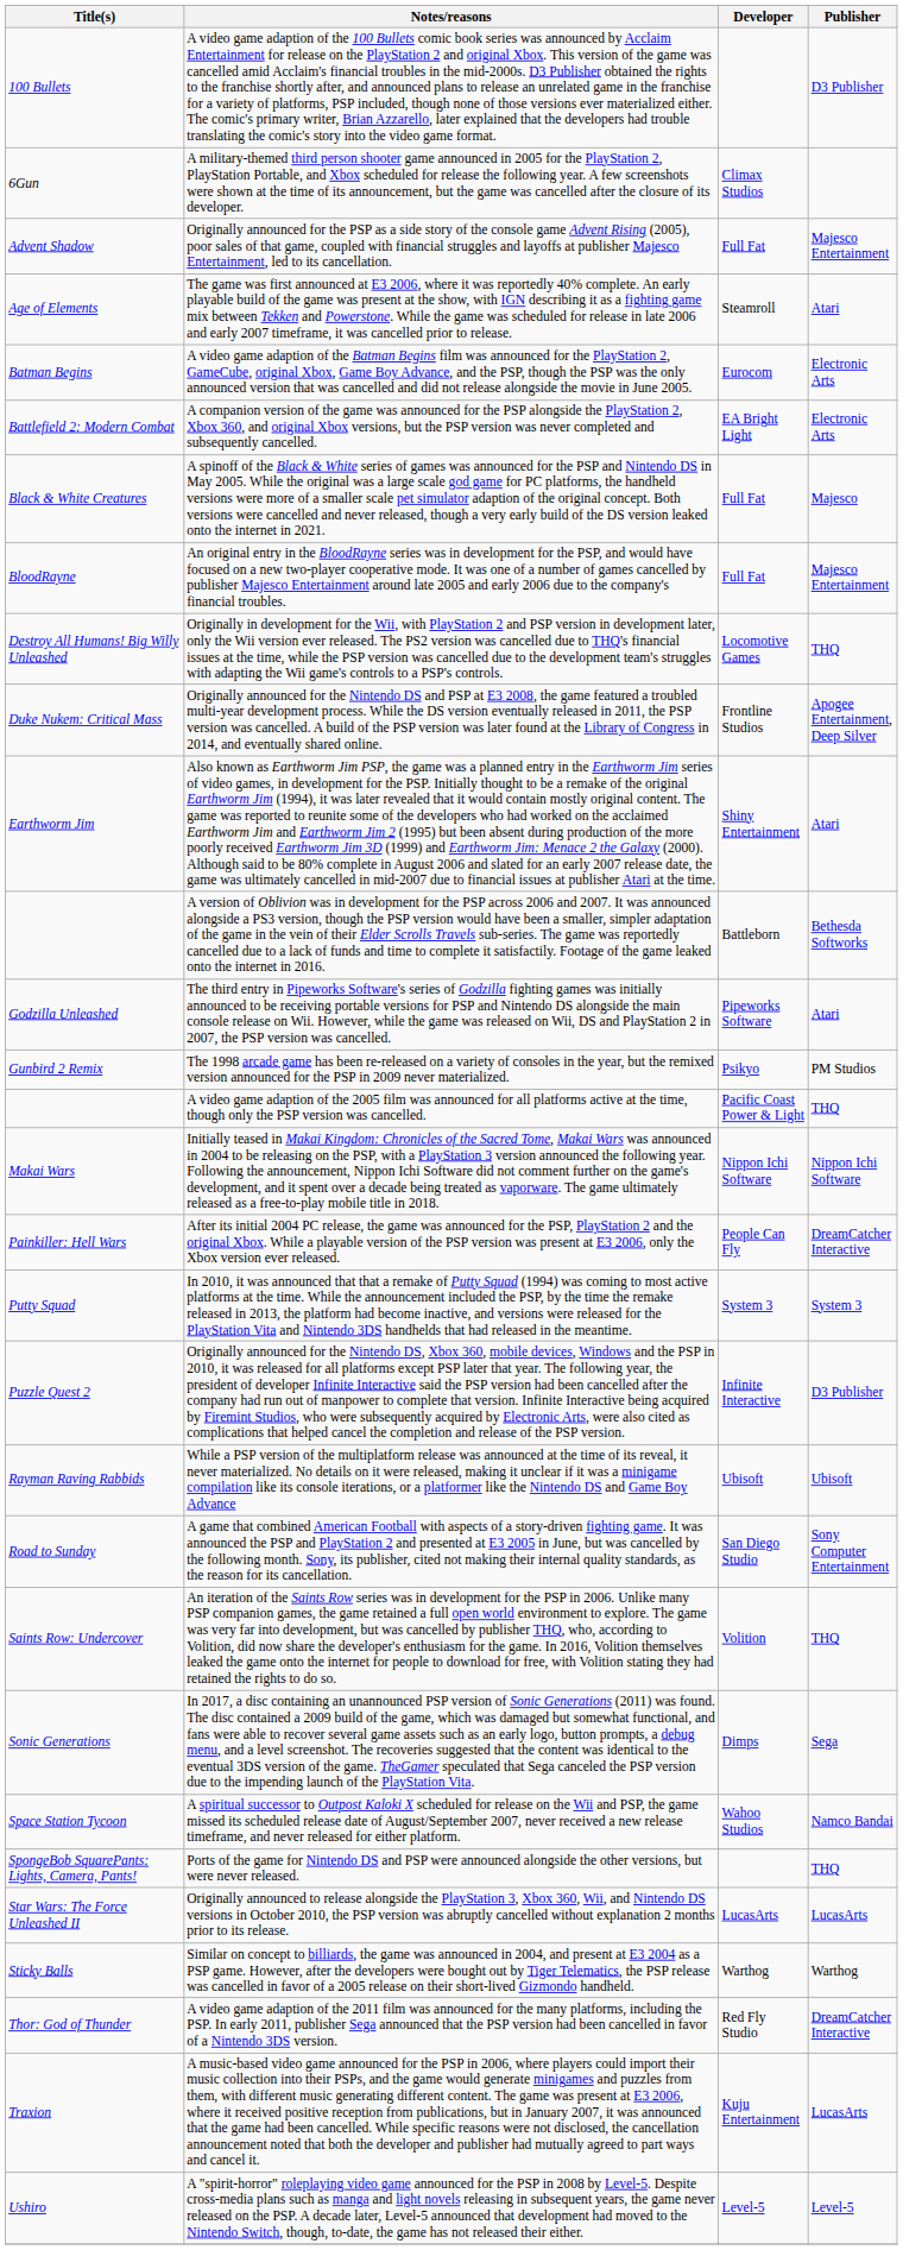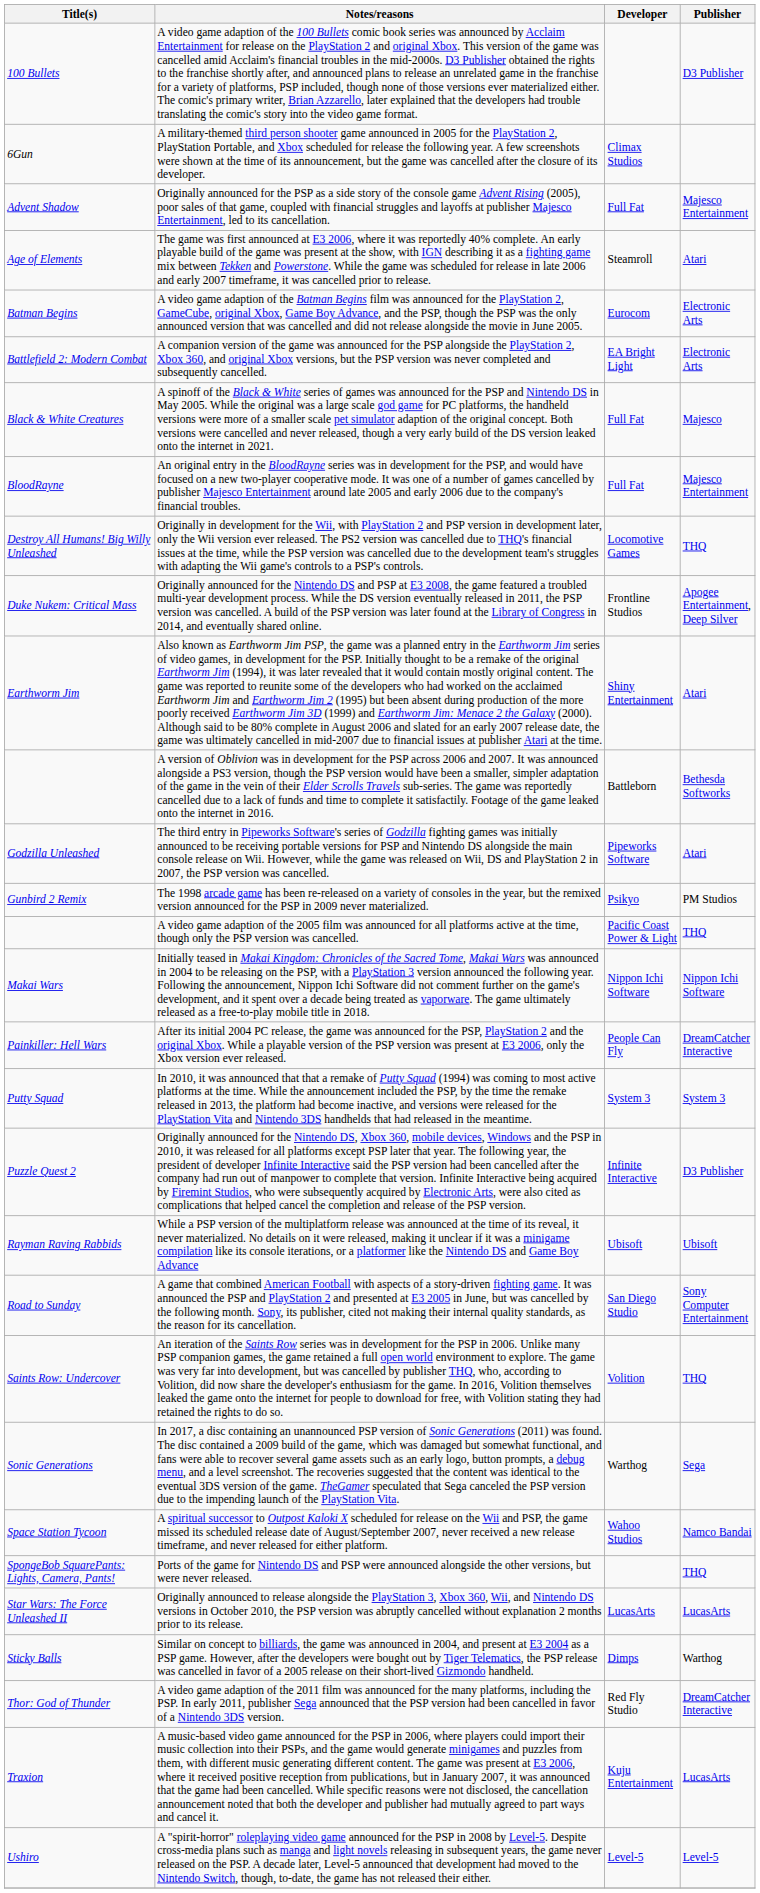 <table class="wikitable sortable sticky-header-multi" id="softwarelist" style="width:100%; font-size:85%;">
 <tr>
 <th width=20%>Title(s)</th>
 <th width=60% class="unsortable">Notes/reasons</th>
 <th width=10%>Developer</th>
 <th width=10%>Publisher</th>
 </tr>
 <tr>
 <td id="0–9"><em><a href='#'>100 Bullets</a></em></td>
 <td>A video game adaption of the <em><a href='#'>100 Bullets</a></em> comic book series was announced by <a href='#'>Acclaim Entertainment</a> for release on the <a href='#'>PlayStation 2</a> and <a href='#'>original Xbox</a>. This version of the game was cancelled amid Acclaim's financial troubles in the mid-2000s. <a href='#'>D3 Publisher</a> obtained the rights to the franchise shortly after, and announced plans to release an unrelated game in the franchise for a variety of platforms, PSP included, though none of those versions ever materialized either. The comic's primary writer, <a href='#'>Brian Azzarello</a>, later explained that the developers had trouble translating the comic's story into the video game format.</td>
 <td></td>
 <td><a href='#'>D3 Publisher</a></td>
 </tr>
 <tr>
 <td><em>6Gun</em></td>
 <td>A military-themed <a href='#'>third person shooter</a> game announced in 2005 for the <a href='#'>PlayStation 2</a>, PlayStation Portable, and <a href='#'>Xbox</a> scheduled for release the following year. A few screenshots were shown at the time of its announcement, but the game was cancelled after the closure of its developer.</td>
 <td><a href='#'>Climax Studios</a></td>
 <td></td>
 </tr>
 <tr>
 <td id="A"><em><a href='#'>Advent Shadow</a></em></td>
 <td>Originally announced for the PSP as a side story of the console game <em><a href='#'>Advent Rising</a></em> (2005), poor sales of that game, coupled with financial struggles and layoffs at publisher <a href='#'>Majesco Entertainment</a>, led to its cancellation.</td>
 <td><a href='#'>Full Fat</a></td>
 <td><a href='#'>Majesco Entertainment</a></td>
 </tr>
 <tr>
 <td><em><a href='#'>Age of Elements</a></em></td>
 <td>The game was first announced at <a href='#'>E3 2006</a>, where it was reportedly 40% complete. An early playable build of the game was present at the show, with <a href='#'>IGN</a> describing it as a <a href='#'>fighting game</a> mix between <em><a href='#'>Tekken</a></em> and <em><a href='#'>Powerstone</a></em>. While the game was scheduled for release in late 2006 and early 2007 timeframe, it was cancelled prior to release.</td>
 <td>Steamroll</td>
 <td><a href='#'>Atari</a></td>
 </tr>
 <tr>
 <td id="B"><em><a href='#'>Batman Begins</a></em></td>
 <td>A video game adaption of the <em><a href='#'>Batman Begins</a></em> film was announced for the <a href='#'>PlayStation 2</a>, <a href='#'>GameCube</a>, <a href='#'>original Xbox</a>, <a href='#'>Game Boy Advance</a>, and the PSP, though the PSP was the only announced version that was cancelled and did not release alongside the movie in June 2005.</td>
 <td><a href='#'>Eurocom</a></td>
 <td><a href='#'>Electronic Arts</a></td>
 </tr>
 <tr>
 <td><em><a href='#'>Battlefield 2: Modern Combat</a></em></td>
 <td>A companion version of the game was announced for the PSP alongside the <a href='#'>PlayStation 2</a>, <a href='#'>Xbox 360</a>, and <a href='#'>original Xbox</a> versions, but the PSP version was never completed and subsequently cancelled.</td>
 <td><a href='#'>EA Bright Light</a></td>
 <td><a href='#'>Electronic Arts</a></td>
 </tr>
 <tr>
 <td><em><a href='#'>Black & White Creatures</a></em></td>
 <td>A spinoff of the <em><a href='#'>Black & White</a></em> series of games was announced for the PSP and <a href='#'>Nintendo DS</a> in May 2005. While the original was a large scale <a href='#'>god game</a> for PC platforms, the handheld versions were more of a smaller scale <a href='#'>pet simulator</a> adaption of the original concept. Both versions were cancelled and never released, though a very early build of the DS version leaked onto the internet in 2021.</td>
 <td><a href='#'>Full Fat</a></td>
 <td><a href='#'>Majesco</a></td>
 </tr>
 <tr>
 <td><em><a href='#'>BloodRayne</a></em></td>
 <td>An original entry in the <em><a href='#'>BloodRayne</a></em> series was in development for the PSP, and would have focused on a new two-player cooperative mode. It was one of a number of games cancelled by publisher <a href='#'>Majesco Entertainment</a> around late 2005 and early 2006 due to the company's financial troubles.</td>
 <td><a href='#'>Full Fat</a></td>
 <td><a href='#'>Majesco Entertainment</a></td>
 </tr>
 <tr>
 <td id="D"><em><a href='#'>Destroy All Humans! Big Willy Unleashed</a></em></td>
 <td>Originally in development for the <a href='#'>Wii</a>, with <a href='#'>PlayStation 2</a> and PSP version in development later, only the Wii version ever released. The PS2 version was cancelled due to <a href='#'>THQ</a>'s financial issues at the time, while the PSP version was cancelled due to the development team's struggles with adapting the Wii game's controls to a PSP's controls.</td>
 <td><a href='#'>Locomotive Games</a></td>
 <td><a href='#'>THQ</a></td>
 </tr>
 <tr>
 <td><em><a href='#'>Duke Nukem: Critical Mass</a></em></td>
 <td>Originally announced for the <a href='#'>Nintendo DS</a> and PSP at <a href='#'>E3 2008</a>, the game featured a troubled multi-year development process. While the DS version eventually released in 2011, the PSP version was cancelled. A build of the PSP version was later found at the <a href='#'>Library of Congress</a> in 2014, and eventually shared online.</td>
 <td>Frontline Studios</td>
 <td><a href='#'>Apogee Entertainment</a>, <a href='#'>Deep Silver</a></td>
 </tr>
 <tr>
 <td id="E"><em><a href='#'>Earthworm Jim</a></em></td>
 <td>Also known as <em>Earthworm Jim PSP</em>, the game was a  planned entry in the <em><a href='#'>Earthworm Jim</a></em> series of video games, in development for the PSP. Initially thought to be a remake of the original <em><a href='#'>Earthworm Jim</a></em> (1994), it was later revealed that it would contain mostly original content. The game was reported to reunite some of the developers who had worked on the acclaimed <em>Earthworm Jim</em> and <em><a href='#'>Earthworm Jim 2</a></em> (1995) but been absent during production of the more poorly received <em><a href='#'>Earthworm Jim 3D</a></em> (1999) and <em><a href='#'>Earthworm Jim: Menace 2 the Galaxy</a></em> (2000). Although said to be 80% complete in August 2006 and slated for an early 2007 release date, the game was ultimately cancelled in mid-2007 due to financial issues at publisher <a href='#'>Atari</a> at the time.</td>
 <td><a href='#'>Shiny Entertainment</a></td>
 <td><a href='#'>Atari</a></td>
 </tr>
 <tr>
 <td></td>
 <td>A version of <em>Oblivion</em> was in development for the PSP across 2006 and 2007. It was announced alongside a PS3 version, though the PSP version would have been a smaller, simpler adaptation of the game in the vein of their <em><a href='#'>Elder Scrolls Travels</a></em> sub-series. The game was reportedly cancelled due to a lack of funds and time to complete it satisfactily. Footage of the game leaked onto the internet in 2016.</td>
 <td>Battleborn</td>
 <td><a href='#'>Bethesda Softworks</a></td>
 </tr>
 <tr>
 <td id="G"><em><a href='#'>Godzilla Unleashed</a></em></td>
 <td>The third entry in <a href='#'>Pipeworks Software</a>'s series of <em><a href='#'>Godzilla</a></em> fighting games was initially announced to be receiving portable versions for PSP and Nintendo DS alongside the main console release on Wii. However, while the game was released on Wii, DS and PlayStation 2 in 2007, the PSP version was cancelled.</td>
 <td><a href='#'>Pipeworks Software</a></td>
 <td><a href='#'>Atari</a></td>
 </tr>
 <tr>
 <td><em><a href='#'>Gunbird 2 Remix</a></em></td>
 <td>The 1998 <a href='#'>arcade game</a> has been re-released on a variety of consoles in the year, but the remixed version announced for the PSP in 2009 never materialized.</td>
 <td><a href='#'>Psikyo</a></td>
 <td>PM Studios</td>
 </tr>
 <tr>
 <td id="I"></td>
 <td>A video game adaption of the 2005 film was announced for all platforms active at the time, though only the PSP version was cancelled.</td>
 <td><a href='#'>Pacific Coast Power & Light</a></td>
 <td><a href='#'>THQ</a></td>
 </tr>
 <tr>
 <td id="M"><em><a href='#'>Makai Wars</a></em></td>
 <td>Initially teased in <em><a href='#'>Makai Kingdom: Chronicles of the Sacred Tome</a></em>, <em><a href='#'>Makai Wars</a></em> was announced in 2004 to be releasing on the PSP, with a <a href='#'>PlayStation 3</a> version announced the following year. Following the announcement, Nippon Ichi Software did not comment further on the game's development, and it spent over a decade being treated as <a href='#'>vaporware</a>. The game ultimately released as a free-to-play mobile title in 2018.</td>
 <td><a href='#'>Nippon Ichi Software</a></td>
 <td><a href='#'>Nippon Ichi Software</a></td>
 </tr>
 <tr>
 <td id="P"><em><a href='#'>Painkiller: Hell Wars</a></em></td>
 <td>After its initial 2004 PC release, the game was announced for the PSP, <a href='#'>PlayStation 2</a> and the <a href='#'>original Xbox</a>. While a playable version of the PSP version was present at <a href='#'>E3 2006</a>, only the Xbox version ever released.</td>
 <td><a href='#'>People Can Fly</a></td>
 <td><a href='#'>DreamCatcher Interactive</a></td>
 </tr>
 <tr>
 <td><em><a href='#'>Putty Squad</a></em></td>
 <td>In 2010, it was announced that that a remake of <em><a href='#'>Putty Squad</a></em> (1994) was coming to most active platforms at the time. While the announcement included the PSP, by the time the remake released in 2013, the platform had become inactive, and versions were released for the <a href='#'>PlayStation Vita</a> and <a href='#'>Nintendo 3DS</a> handhelds that had released in the meantime.</td>
 <td><a href='#'>System 3</a></td>
 <td><a href='#'>System 3</a></td>
 </tr>
 <tr>
 <td><em><a href='#'>Puzzle Quest 2</a></em></td>
 <td>Originally announced for the <a href='#'>Nintendo DS</a>, <a href='#'>Xbox 360</a>, <a href='#'>mobile devices</a>, <a href='#'>Windows</a> and the PSP in 2010, it was released for all platforms except PSP later that year. The following year, the president of developer <a href='#'>Infinite Interactive</a> said the PSP version had been cancelled after the company had run out of manpower to complete that version. Infinite Interactive being acquired by <a href='#'>Firemint Studios</a>, who were subsequently acquired by <a href='#'>Electronic Arts</a>, were also cited as complications that helped cancel the completion and release of the PSP version.</td>
 <td><a href='#'>Infinite Interactive</a></td>
 <td><a href='#'>D3 Publisher</a></td>
 </tr>
 <tr>
 <td id="R"><em><a href='#'>Rayman Raving Rabbids</a></em></td>
 <td>While a PSP version of the multiplatform release was announced at the time of its reveal, it never materialized. No details on it were released, making it unclear if it was a <a href='#'>minigame compilation</a> like its console iterations, or a <a href='#'>platformer</a> like the <a href='#'>Nintendo DS</a> and <a href='#'>Game Boy Advance</a></td>
 <td><a href='#'>Ubisoft</a></td>
 <td><a href='#'>Ubisoft</a></td>
 </tr>
 <tr>
 <td><em><a href='#'>Road to Sunday</a></em></td>
 <td>A game that combined <a href='#'>American Football</a> with aspects of a story-driven <a href='#'>fighting game</a>. It was announced the PSP and <a href='#'>PlayStation 2</a> and presented at <a href='#'>E3 2005</a> in June, but was cancelled by the following month. <a href='#'>Sony</a>, its publisher, cited not making their internal quality standards, as the reason for its cancellation.</td>
 <td><a href='#'>San Diego Studio</a></td>
 <td><a href='#'>Sony Computer Entertainment</a></td>
 </tr>
 <tr>
 <td id="S"><em><a href='#'>Saints Row: Undercover</a></em></td>
 <td>An iteration of the <em><a href='#'>Saints Row</a></em> series was in development for the PSP in 2006. Unlike many PSP companion games, the game retained a full <a href='#'>open world</a> environment to explore. The game was very far into development, but was cancelled by publisher <a href='#'>THQ</a>, who, according to Volition, did now share the developer's enthusiasm for the game. In 2016, Volition themselves leaked the game onto the internet for people to download for free, with Volition stating they had retained the rights to do so.</td>
 <td><a href='#'>Volition</a></td>
 <td><a href='#'>THQ</a></td>
 </tr>
 <tr>
 <td><em><a href='#'>Sonic Generations</a></em></td>
 <td>In 2017, a disc containing an unannounced PSP version of <em><a href='#'>Sonic Generations</a></em> (2011) was found. The disc contained a 2009 build of the game, which was damaged but somewhat functional, and fans were able to recover several game assets such as an early logo, button prompts, a <a href='#'>debug menu</a>, and a level screenshot. The recoveries suggested that the content was identical to the eventual 3DS version of the game. <em><a href='#'>TheGamer</a></em> speculated that Sega canceled the PSP version due to the impending launch of the <a href='#'>PlayStation Vita</a>.</td>
-<td><a href='#'>Dimps</a></td>
+<td>Warthog</td>
 <td><a href='#'>Sega</a></td>
 </tr>
 <tr>
 <td><em><a href='#'>Space Station Tycoon</a></em></td>
 <td>A <a href='#'>spiritual successor</a> to <em><a href='#'>Outpost Kaloki X</a></em> scheduled for release on the <a href='#'>Wii</a> and PSP, the game missed its scheduled release date of August/September 2007, never received a new release timeframe, and never released for either platform.</td>
 <td><a href='#'>Wahoo Studios</a></td>
 <td><a href='#'>Namco Bandai</a></td>
 </tr>
 <tr>
 <td><em><a href='#'>SpongeBob SquarePants: Lights, Camera, Pants!</a></em></td>
 <td>Ports of the game for <a href='#'>Nintendo DS</a> and PSP were announced alongside the other versions, but were never released.</td>
 <td></td>
 <td><a href='#'>THQ</a></td>
 </tr>
 <tr>
 <td><em><a href='#'>Star Wars: The Force Unleashed II</a></em></td>
 <td>Originally announced to release alongside the <a href='#'>PlayStation 3</a>, <a href='#'>Xbox 360</a>, <a href='#'>Wii</a>, and <a href='#'>Nintendo DS</a> versions in October 2010, the PSP version was abruptly cancelled without explanation 2 months prior to its release.</td>
 <td><a href='#'>LucasArts</a></td>
 <td><a href='#'>LucasArts</a></td>
 </tr>
 <tr>
 <td><em><a href='#'>Sticky Balls</a></em></td>
 <td>Similar on concept to <a href='#'>billiards</a>, the game was announced in 2004, and present at <a href='#'>E3 2004</a> as a PSP game. However, after the developers were bought out by <a href='#'>Tiger Telematics</a>, the PSP release was cancelled in favor of a 2005 release on their short-lived <a href='#'>Gizmondo</a> handheld.</td>
-<td>Warthog</td>
+<td><a href='#'>Dimps</a></td>
 <td>Warthog</td>
 </tr>
 <tr>
 <td id="T"><em><a href='#'>Thor: God of Thunder</a></em></td>
 <td>A video game adaption of the 2011 film was announced for the many platforms, including the PSP. In early 2011, publisher <a href='#'>Sega</a> announced that the PSP version had been cancelled in favor of a <a href='#'>Nintendo 3DS</a> version.</td>
 <td>Red Fly Studio</td>
 <td><a href='#'>DreamCatcher Interactive</a></td>
 </tr>
 <tr>
 <td><em><a href='#'>Traxion</a></em></td>
 <td>A music-based video game announced for the PSP in 2006, where players could import their music collection into their PSPs, and the game would generate <a href='#'>minigames</a> and puzzles from them, with different music generating different content. The game was present at <a href='#'>E3 2006</a>, where it received positive reception from publications, but in January 2007, it was announced that the game had been cancelled. While specific reasons were not disclosed, the cancellation announcement noted that both the developer and publisher had mutually agreed to part ways and cancel it.</td>
 <td><a href='#'>Kuju Entertainment</a></td>
 <td><a href='#'>LucasArts</a></td>
 </tr>
 <tr>
 <td id="U"><em><a href='#'>Ushiro</a></em></td>
 <td>A "spirit-horror" <a href='#'>roleplaying video game</a> announced for the PSP in 2008 by <a href='#'>Level-5</a>. Despite cross-media plans such as <a href='#'>manga</a> and <a href='#'>light novels</a> releasing in subsequent years, the game never released on the PSP. A decade later, Level-5 announced that development had moved to the <a href='#'>Nintendo Switch</a>, though, to-date, the game has not released their either.</td>
 <td><a href='#'>Level-5</a></td>
 <td><a href='#'>Level-5</a></td>
 </tr>
 <tr>
 </tr>
 </table>
